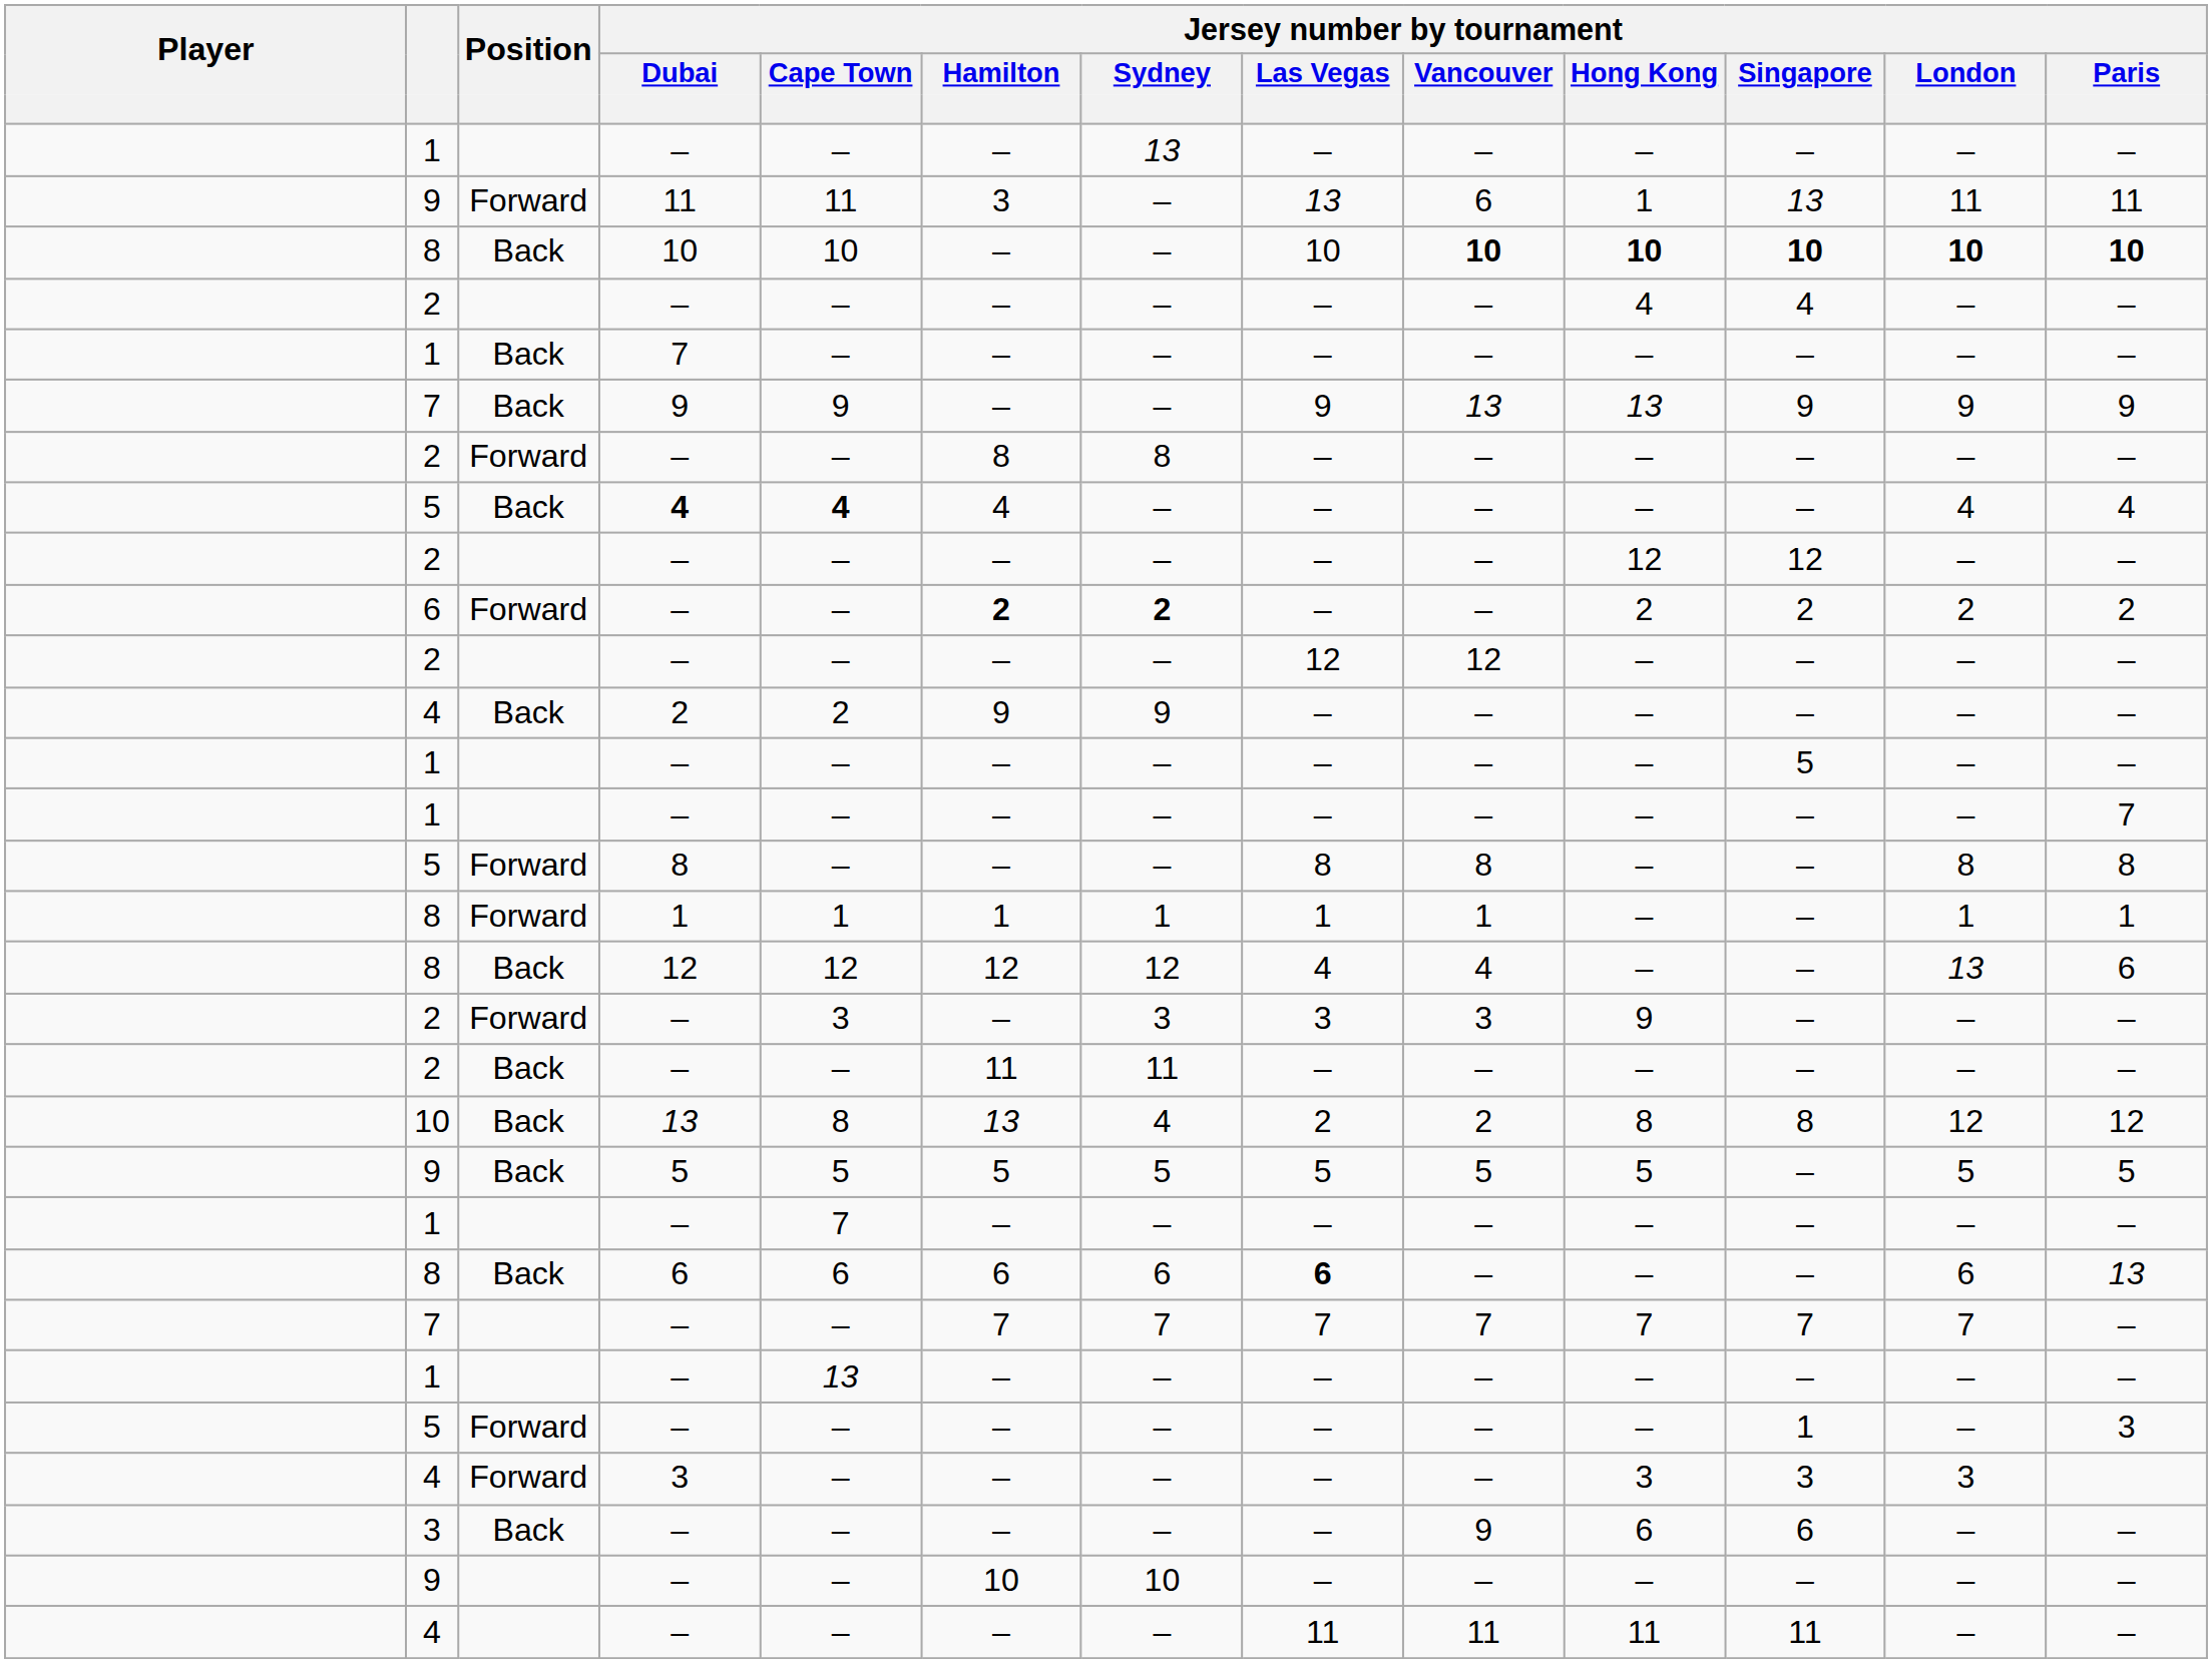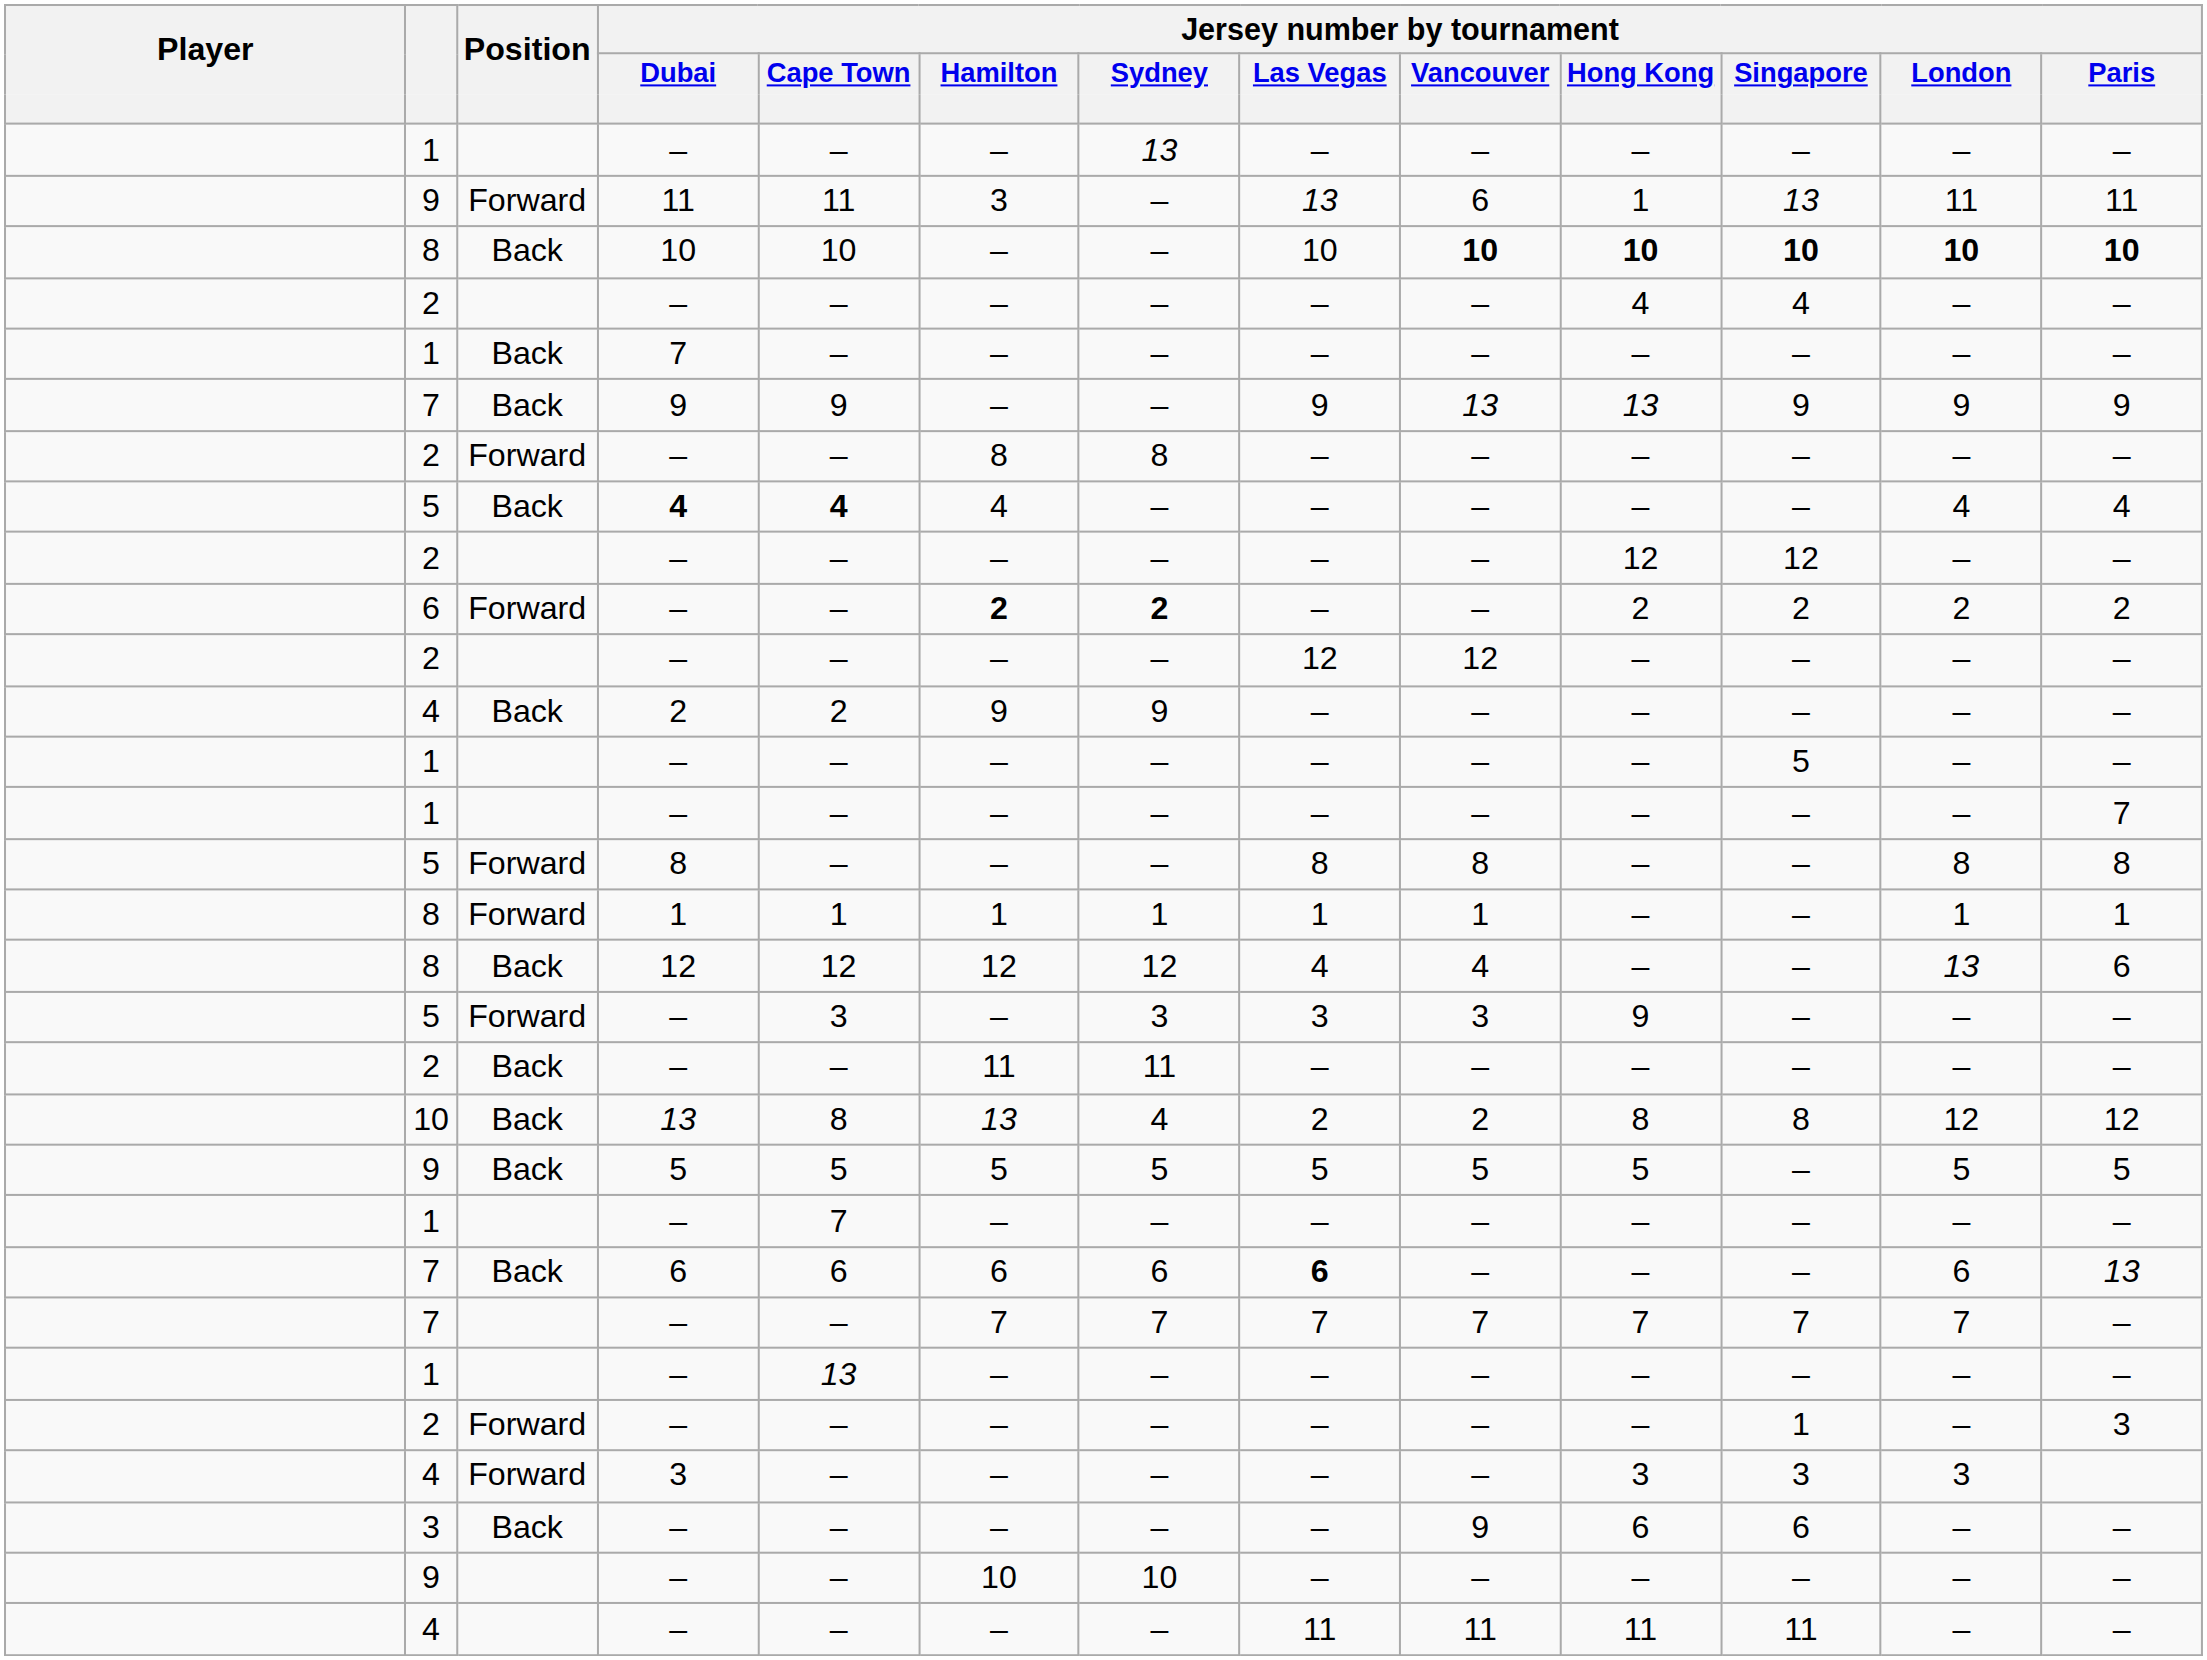 <table class="wikitable sortable" style="text-align:center;">
 <tr>
 <th rowspan=2 style="border-bottom:0px; width:12em;">Player</th>
 <th rowspan=2 style="border-bottom:0px;"></th>
 <th rowspan=2 style="border-bottom:0px;">Position</th>
 <th colspan=10 style="font-size:95%;">Jersey number by tournament</th>
 </tr>
 <tr>
 <th style="vertical-align:top;width:5.5em;border-bottom:1px solid transparent;padding:2px;font-size:85%;"><a href='#'>Dubai</a></th>
 <th style="vertical-align:top;width:5.5em;border-bottom:1px solid transparent;padding:2px;font-size:85%;"><a href='#'>Cape Town</a></th>
 <th style="vertical-align:top;width:5.5em;border-bottom:1px solid transparent;padding:2px;font-size:85%;"><a href='#'>Hamilton</a></th>
 <th style="vertical-align:top;width:5.5em;border-bottom:1px solid transparent;padding:2px;font-size:85%;"><a href='#'>Sydney</a></th>
 <th style="vertical-align:top;width:5.5em;border-bottom:1px solid transparent;padding:2px;font-size:85%;"><a href='#'>Las Vegas</a></th>
 <th style="vertical-align:top;width:5.5em;border-bottom:1px solid transparent;padding:2px;font-size:85%;"><a href='#'>Vancouver</a></th>
 <th style="vertical-align:top;width:5.5em;border-bottom:1px solid transparent;padding:2px;font-size:85%;"><a href='#'>Hong Kong</a></th>
 <th style="vertical-align:top;width:5.5em;border-bottom:1px solid transparent;padding:2px;font-size:85%;"><a href='#'>Singapore</a></th>
 <th style="vertical-align:top;width:5.5em;border-bottom:1px solid transparent;padding:2px;font-size:85%;"><a href='#'>London</a></th>
 <th style="vertical-align:top;width:5.5em;border-bottom:1px solid transparent;padding:2px;font-size:85%;"><a href='#'>Paris</a></th>
 </tr>
 <tr style="line-height:8px;">
 <th style="border-top:1px solid transparent;"></th>
 <th style="border-top:1px solid transparent;"> </th>
 <th style="border-top:1px solid transparent;"> </th>
 <th data-sort-type="number" style="border-top:1px solid transparent;"></th>
 <th data-sort-type="number" style="border-top:1px solid transparent;"></th>
 <th data-sort-type="number" style="border-top:1px solid transparent;"></th>
 <th data-sort-type="number" style="border-top:1px solid transparent;"></th>
 <th data-sort-type="number" style="border-top:1px solid transparent;"></th>
 <th data-sort-type="number" style="border-top:1px solid transparent;"></th>
 <th data-sort-type="number" style="border-top:1px solid transparent;"></th>
 <th data-sort-type="number" style="border-top:1px solid transparent;"></th>
 <th data-sort-type="number" style="border-top:1px solid transparent;"></th>
 <th data-sort-type="number" style="border-top:1px solid transparent;"></th>
 </tr>
 <tr>
 <td align=left></td>
 <td>1</td>
 <td></td>
 <td>–</td>
 <td>–</td>
 <td>–</td>
 <td><em>13</em></td>
 <td>–</td>
 <td>–</td>
 <td>–</td>
 <td>–</td>
 <td>–</td>
 <td>–</td>
 </tr>
 <tr>
 <td align=left></td>
 <td>9</td>
 <td>Forward</td>
 <td>11</td>
 <td>11</td>
 <td>3</td>
 <td>–</td>
 <td><em>13</em></td>
 <td>6</td>
 <td>1</td>
 <td><em>13</em></td>
 <td>11</td>
 <td>11</td>
 </tr>
 <tr>
 <td align=left></td>
 <td>8</td>
 <td>Back</td>
 <td>10</td>
 <td>10</td>
 <td>–</td>
 <td>–</td>
 <td>10</td>
 <td><strong>10</strong></td>
 <td><strong>10</strong></td>
 <td><strong>10</strong></td>
 <td><strong>10</strong></td>
 <td><strong>10</strong></td>
 </tr>
 <tr>
 <td align=left></td>
 <td>2</td>
 <td></td>
 <td>–</td>
 <td>–</td>
 <td>–</td>
 <td>–</td>
 <td>–</td>
 <td>–</td>
 <td>4</td>
 <td>4</td>
 <td>–</td>
 <td>–</td>
 </tr>
 <tr>
 <td align=left></td>
 <td>1</td>
 <td>Back</td>
 <td>7</td>
 <td>–</td>
 <td>–</td>
 <td>–</td>
 <td>–</td>
 <td>–</td>
 <td>–</td>
 <td>–</td>
 <td>–</td>
 <td>–</td>
 </tr>
 <tr>
 <td align=left></td>
 <td>7</td>
 <td>Back</td>
 <td>9</td>
 <td>9</td>
 <td>–</td>
 <td>–</td>
 <td>9</td>
 <td><em>13</em></td>
 <td><em>13</em></td>
 <td>9</td>
 <td>9</td>
 <td>9</td>
 </tr>
 <tr>
 <td align=left></td>
 <td>2</td>
 <td>Forward</td>
 <td>–</td>
 <td>–</td>
 <td>8</td>
 <td>8</td>
 <td>–</td>
 <td>–</td>
 <td>–</td>
 <td>–</td>
 <td>–</td>
 <td>–</td>
 </tr>
 <tr>
 <td align=left></td>
 <td>5</td>
 <td>Back</td>
 <td><strong>4</strong></td>
 <td><strong>4</strong></td>
 <td>4</td>
 <td>–</td>
 <td>–</td>
 <td>–</td>
 <td>–</td>
 <td>–</td>
 <td>4</td>
 <td>4</td>
 </tr>
 <tr>
 <td align=left></td>
 <td>2</td>
 <td></td>
 <td>–</td>
 <td>–</td>
 <td>–</td>
 <td>–</td>
 <td>–</td>
 <td>–</td>
 <td>12</td>
 <td>12</td>
 <td>–</td>
 <td>–</td>
 </tr>
 <tr>
 <td align=left></td>
 <td>6</td>
 <td>Forward</td>
 <td>–</td>
 <td>–</td>
 <td><strong>2</strong></td>
 <td><strong>2</strong></td>
 <td>–</td>
 <td>–</td>
 <td>2</td>
 <td>2</td>
 <td>2</td>
 <td>2</td>
 </tr>
 <tr>
 <td align=left></td>
 <td>2</td>
 <td></td>
 <td>–</td>
 <td>–</td>
 <td>–</td>
 <td>–</td>
 <td>12</td>
 <td>12</td>
 <td>–</td>
 <td>–</td>
 <td>–</td>
 <td>–</td>
 </tr>
 <tr>
 <td align=left></td>
 <td>4</td>
 <td>Back</td>
 <td>2</td>
 <td>2</td>
 <td>9</td>
 <td>9</td>
 <td>–</td>
 <td>–</td>
 <td>–</td>
 <td>–</td>
 <td>–</td>
 <td>–</td>
 </tr>
 <tr>
 <td align=left></td>
 <td>1</td>
 <td></td>
 <td>–</td>
 <td>–</td>
 <td>–</td>
 <td>–</td>
 <td>–</td>
 <td>–</td>
 <td>–</td>
 <td>5</td>
 <td>–</td>
 <td>–</td>
 </tr>
 <tr>
 <td align=left></td>
 <td>1</td>
 <td></td>
 <td>–</td>
 <td>–</td>
 <td>–</td>
 <td>–</td>
 <td>–</td>
 <td>–</td>
 <td>–</td>
 <td>–</td>
 <td>–</td>
 <td>7</td>
 </tr>
 <tr>
 <td align=left></td>
 <td>5</td>
 <td>Forward</td>
 <td>8</td>
 <td>–</td>
 <td>–</td>
 <td>–</td>
 <td>8</td>
 <td>8</td>
 <td>–</td>
 <td>–</td>
 <td>8</td>
 <td>8</td>
 </tr>
 <tr>
 <td align=left></td>
 <td>8</td>
 <td>Forward</td>
 <td>1</td>
 <td>1</td>
 <td>1</td>
 <td>1</td>
 <td>1</td>
 <td>1</td>
 <td>–</td>
 <td>–</td>
 <td>1</td>
 <td>1</td>
 </tr>
 <tr>
 <td align=left></td>
 <td>8</td>
 <td>Back</td>
 <td>12</td>
 <td>12</td>
 <td>12</td>
 <td>12</td>
 <td>4</td>
 <td>4</td>
 <td>–</td>
 <td>–</td>
 <td><em>13</em></td>
 <td>6</td>
 </tr>
 <tr>
 <td align=left></td>
-<td>2</td>
+<td>5</td>
 <td>Forward</td>
 <td>–</td>
 <td>3</td>
 <td>–</td>
 <td>3</td>
 <td>3</td>
 <td>3</td>
 <td>9</td>
 <td>–</td>
 <td>–</td>
 <td>–</td>
 </tr>
 <tr>
 <td align=left></td>
 <td>2</td>
 <td>Back</td>
 <td>–</td>
 <td>–</td>
 <td>11</td>
 <td>11</td>
 <td>–</td>
 <td>–</td>
 <td>–</td>
 <td>–</td>
 <td>–</td>
 <td>–</td>
 </tr>
 <tr>
 <td align=left></td>
 <td>10</td>
 <td>Back</td>
 <td><em>13</em></td>
 <td>8</td>
 <td><em>13</em></td>
 <td>4</td>
 <td>2</td>
 <td>2</td>
 <td>8</td>
 <td>8</td>
 <td>12</td>
 <td>12</td>
 </tr>
 <tr>
 <td align=left></td>
 <td>9</td>
 <td>Back</td>
 <td>5</td>
 <td>5</td>
 <td>5</td>
 <td>5</td>
 <td>5</td>
 <td>5</td>
 <td>5</td>
 <td>–</td>
 <td>5</td>
 <td>5</td>
 </tr>
 <tr>
 <td align=left></td>
 <td>1</td>
 <td></td>
 <td>–</td>
 <td>7</td>
 <td>–</td>
 <td>–</td>
 <td>–</td>
 <td>–</td>
 <td>–</td>
 <td>–</td>
 <td>–</td>
 <td>–</td>
 </tr>
 <tr>
 <td align=left></td>
-<td>8</td>
+<td>7</td>
 <td>Back</td>
 <td>6</td>
 <td>6</td>
 <td>6</td>
 <td>6</td>
 <td><strong>6</strong></td>
 <td>–</td>
 <td>–</td>
 <td>–</td>
 <td>6</td>
 <td><em>13</em></td>
 </tr>
 <tr>
 <td align=left></td>
 <td>7</td>
 <td></td>
 <td>–</td>
 <td>–</td>
 <td>7</td>
 <td>7</td>
 <td>7</td>
 <td>7</td>
 <td>7</td>
 <td>7</td>
 <td>7</td>
 <td>–</td>
 </tr>
 <tr>
 <td align=left></td>
 <td>1</td>
 <td></td>
 <td>–</td>
 <td><em>13</em></td>
 <td>–</td>
 <td>–</td>
 <td>–</td>
 <td>–</td>
 <td>–</td>
 <td>–</td>
 <td>–</td>
 <td>–</td>
 </tr>
 <tr>
 <td align=left></td>
-<td>5</td>
+<td>2</td>
 <td>Forward</td>
 <td>–</td>
 <td>–</td>
 <td>–</td>
 <td>–</td>
 <td>–</td>
 <td>–</td>
 <td>–</td>
 <td>1</td>
 <td>–</td>
 <td>3</td>
 </tr>
 <tr>
 <td align=left></td>
 <td>4</td>
 <td>Forward</td>
 <td>3</td>
 <td>–</td>
 <td>–</td>
 <td>–</td>
 <td>–</td>
 <td>–</td>
 <td>3</td>
 <td>3</td>
 <td>3</td>
 <td></td>
 </tr>
 <tr>
 <td align=left></td>
 <td>3</td>
 <td>Back</td>
 <td>–</td>
 <td>–</td>
 <td>–</td>
 <td>–</td>
 <td>–</td>
 <td>9</td>
 <td>6</td>
 <td>6</td>
 <td>–</td>
 <td>–</td>
 </tr>
 <tr>
 <td align=left></td>
 <td>9</td>
 <td></td>
 <td>–</td>
 <td>–</td>
 <td>10</td>
 <td>10</td>
 <td>–</td>
 <td>–</td>
 <td>–</td>
 <td>–</td>
 <td>–</td>
 <td>–</td>
 </tr>
 <tr>
 <td align=left></td>
 <td>4</td>
 <td></td>
 <td>–</td>
 <td>–</td>
 <td>–</td>
 <td>–</td>
 <td>11</td>
 <td>11</td>
 <td>11</td>
 <td>11</td>
 <td>–</td>
 <td>–</td>
 </tr>
 </table>
